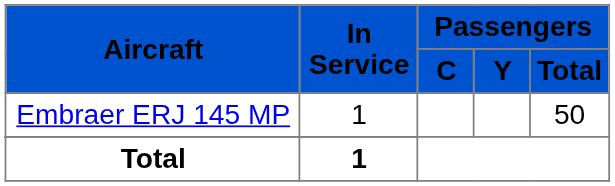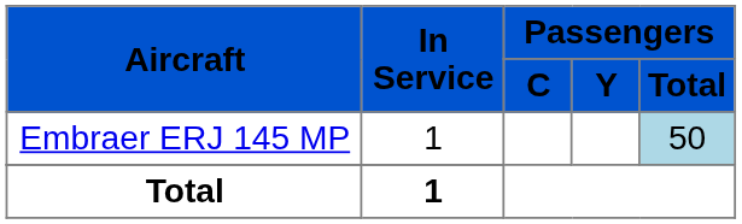 <table class="toccolours" border="1" cellpadding="3" style="margin:1em auto; border-collapse:collapse;text-align:center">
 <tr bgcolor=#0053CF>
 <th rowspan="2" style="width:160px;"><span>Aircraft</span></th>
 <th rowspan="2" style="width:60px;"><span>In Service</span></th>
 <th colspan="3" class="unsortable"><span>Passengers</span></th>
 </tr>
 <tr style="background:#0053CF;">
 <th style="width:25px;"><abbr><span>C</span></abbr></th>
 <th style="width:25px;"><abbr><span>Y</span></abbr></th>
 <th style="width:25px;"><abbr><span>Total</span></abbr></th>
 </tr>
 <tr>
 <td><a href='#'>Embraer ERJ 145 MP</a></td>
 <td align=center>1</td>
 <td></td>
 <td></td>
-<td>50</td>
+<td style="background: lightblue;">50</td>
 </tr>
 <tr>
 </tr>
 <tr>
 <th>Total</th>
 <th>1</th>
 </tr>
 </table>
